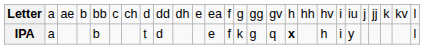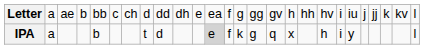 <table class="wikitable">
 <tr>
 <th>Letter</th>
 <td>a</td>
 <td>ae</td>
 <td>b</td>
 <td>bb</td>
 <td>c</td>
 <td>ch</td>
 <td>d</td>
 <td>dd</td>
 <td>dh</td>
 <td>e</td>
 <td>ea</td>
 <td>f</td>
 <td>g</td>
 <td>gg</td>
 <td>gv</td>
 <td>h</td>
 <td>hh</td>
 <td>hv</td>
 <td>i</td>
 <td>iu</td>
 <td>j</td>
 <td>jj</td>
 <td>k</td>
 <td>kv</td>
 <td>l</td>
 </tr>
 <tr>
 <th>IPA</th>
 <td>a</td>
 <td></td>
 <td></td>
 <td>b</td>
 <td></td>
 <td></td>
 <td>t</td>
 <td>d</td>
 <td></td>
 <td></td>
-<td>e</td>
+<td style="background: lightgrey;">e</td>
 <td>f</td>
 <td>k</td>
 <td>g</td>
 <td>q</td>
-<td><strong>x</strong></td>
+<td>x</td>
 <td></td>
 <td>h</td>
 <td>i</td>
 <td>y</td>
 <td></td>
 <td></td>
 <td></td>
 <td></td>
 <td>l</td>
 </tr>
 </table>
